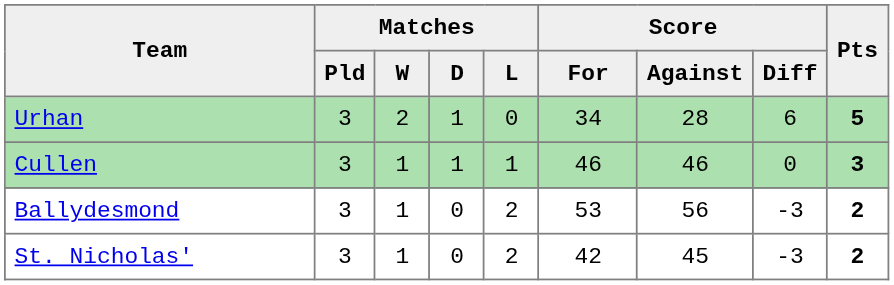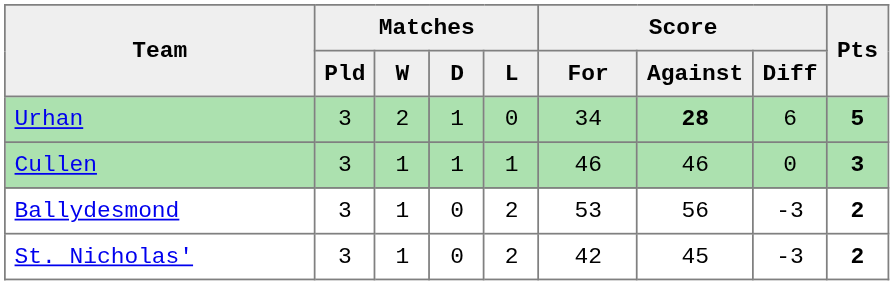 <table style=border-collapse:collapse border=1 cellspacing=0 cellpadding=5>
 <tr align=center bgcolor=#efefef>
 <th rowspan=2 width=165>Team</th>
 <th colspan=4>Matches</th>
 <th colspan=3>Score</th>
 <th rowspan=2width=20>Pts</th>
 </tr>
 <tr align=center bgcolor=#efefef>
 <th width=20>Pld</th>
 <th width=20>W</th>
 <th width=20>D</th>
 <th width=20>L</th>
 <th width=45>For</th>
 <th width=45>Against</th>
 <th width=30>Diff</th>
 </tr>
 <tr align=center style="background:#ACE1AF;">
 <td style="text-align:left;"><a href='#'>Urhan</a></td>
 <td>3</td>
 <td>2</td>
 <td>1</td>
 <td>0</td>
 <td>34</td>
-<td>28</td>
+<td><strong>28</strong></td>
 <td>6</td>
 <td><strong>5</strong></td>
 </tr>
 <tr align=center  style="background:#ACE1AF;">
 <td style="text-align:left;"><a href='#'>Cullen</a></td>
 <td>3</td>
 <td>1</td>
 <td>1</td>
 <td>1</td>
 <td>46</td>
 <td>46</td>
 <td>0</td>
 <td><strong>3</strong></td>
 </tr>
 <tr align=center>
 <td style="text-align:left;"><a href='#'>Ballydesmond</a></td>
 <td>3</td>
 <td>1</td>
 <td>0</td>
 <td>2</td>
 <td>53</td>
 <td>56</td>
 <td>-3</td>
 <td><strong>2</strong></td>
 </tr>
 <tr align=center>
 <td style="text-align:left;"><a href='#'>St. Nicholas'</a></td>
 <td>3</td>
 <td>1</td>
 <td>0</td>
 <td>2</td>
 <td>42</td>
 <td>45</td>
 <td>-3</td>
 <td><strong>2</strong></td>
 </tr>
 </table>
